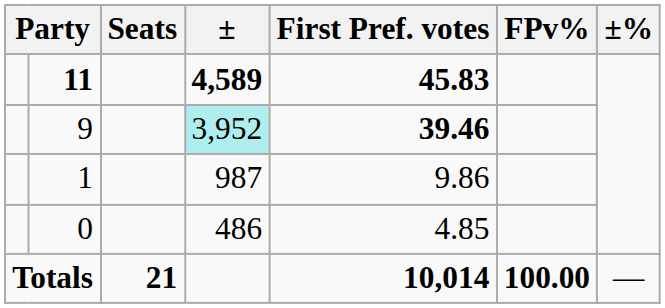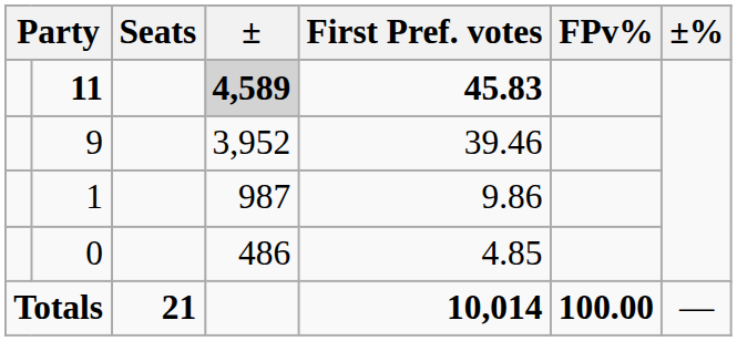 <table class=wikitable>
 <tr>
 <th colspan=2 align=center>Party</th>
 <th valign=top>Seats</th>
 <th valign=top>±</th>
 <th valign=top>First Pref. votes</th>
 <th valign=top>FPv%</th>
 <th valign=top>±%</th>
 </tr>
 <tr>
 <td></td>
 <td align=right><strong>11</strong></td>
 <td align=right></td>
-<td align=right><strong>4,589</strong></td>
+<td align=right style="background: lightgrey;"><strong>4,589</strong></td>
 <td align=right><strong>45.83</strong></td>
 <td align=right></td>
 </tr>
 <tr>
 <td></td>
 <td align=right>9</td>
 <td align=right></td>
-<td align=right style="background: paleturquoise;">3,952</td>
-<td align=right><strong>39.46</strong></td>
+<td align=right>3,952</td>
+<td align=right>39.46</td>
 <td align=right></td>
 </tr>
 <tr>
 <td></td>
 <td align=right>1</td>
 <td align=right></td>
 <td align=right>987</td>
 <td align=right>9.86</td>
 <td align=right></td>
 </tr>
 <tr>
 <td></td>
 <td align=right>0</td>
 <td align=right></td>
 <td align=right>486</td>
 <td align=right>4.85</td>
 <td align=right></td>
 </tr>
 <tr>
 <td colspan=2 align=center><strong>Totals</strong></td>
 <td align=right><strong>21</strong></td>
 <td align=center></td>
 <td align=right><strong>10,014</strong></td>
 <td align=center><strong>100.00</strong></td>
 <td align=center>—</td>
 </tr>
 </table>
